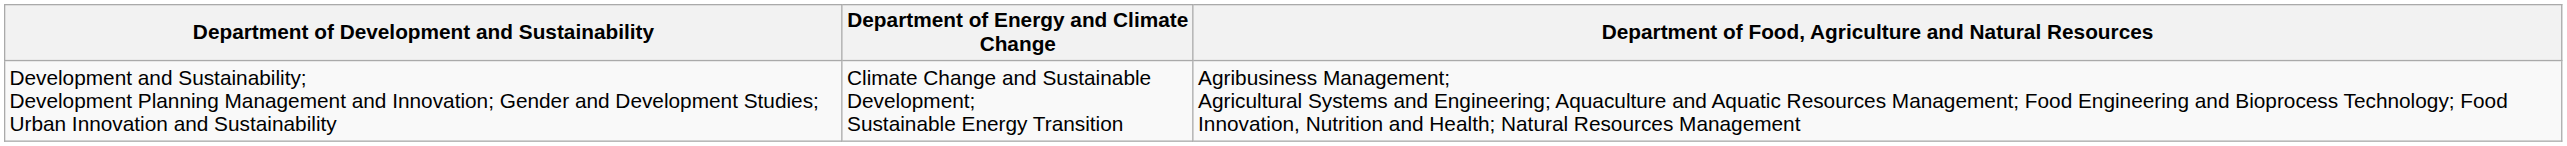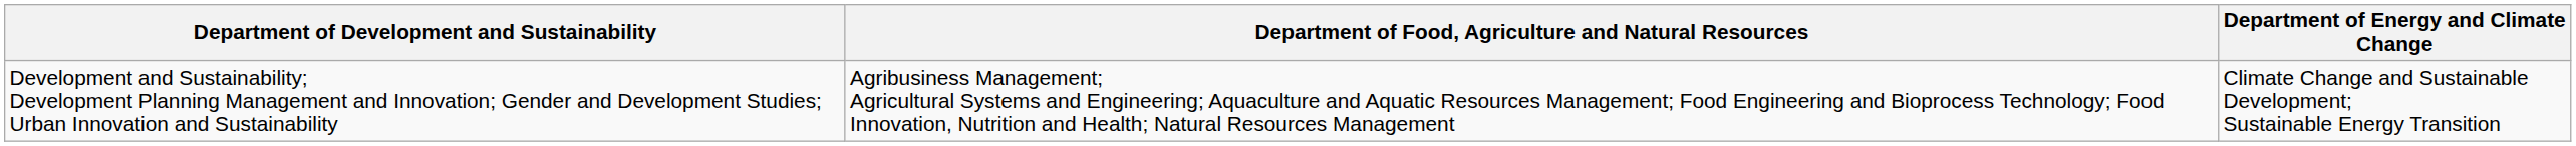 <table class="wikitable">
 <tr>
 <th><strong>Department of Development and Sustainability</strong></th>
+<th><strong>Department of Food, Agriculture and Natural Resources</strong></th>
 <th><strong>Department of Energy and Climate Change</strong></th>
-<th><strong>Department of Food, Agriculture and Natural Resources</strong></th>
 </tr>
 <tr>
 <td>Development and Sustainability;<br>Development Planning Management and Innovation;  Gender and Development Studies; Urban Innovation and Sustainability</td>
+<td>Agribusiness Management;<br>Agricultural Systems and Engineering;  Aquaculture and Aquatic Resources Management; Food Engineering and Bioprocess Technology; Food Innovation, Nutrition and Health; Natural Resources Management</td>
 <td>Climate Change and Sustainable Development;<br>Sustainable Energy Transition</td>
-<td>Agribusiness Management;<br>Agricultural Systems and Engineering;  Aquaculture and Aquatic Resources Management; Food Engineering and Bioprocess Technology; Food Innovation, Nutrition and Health; Natural Resources Management</td>
 </tr>
 </table>
